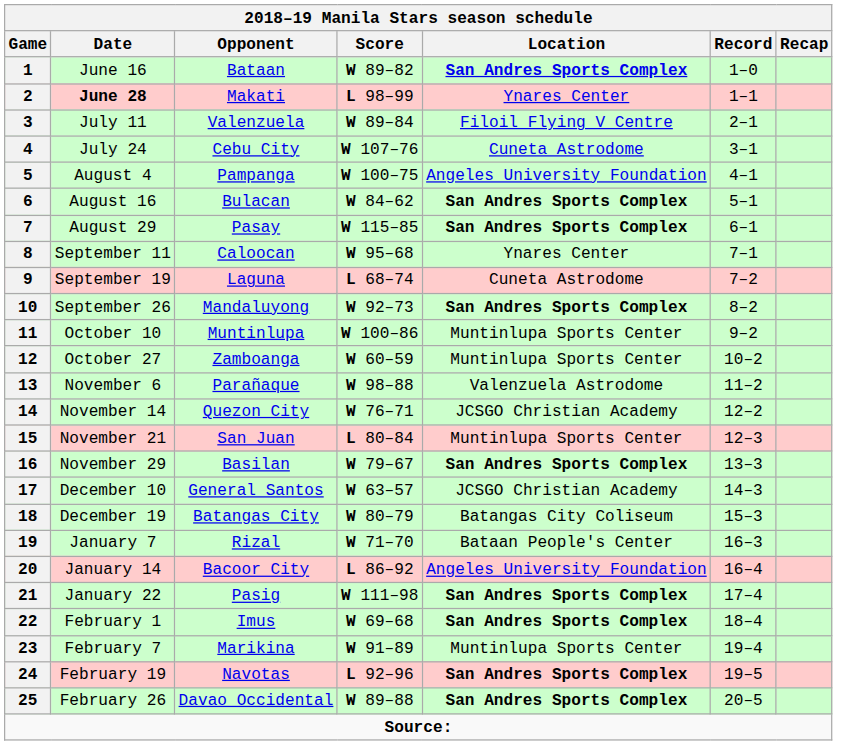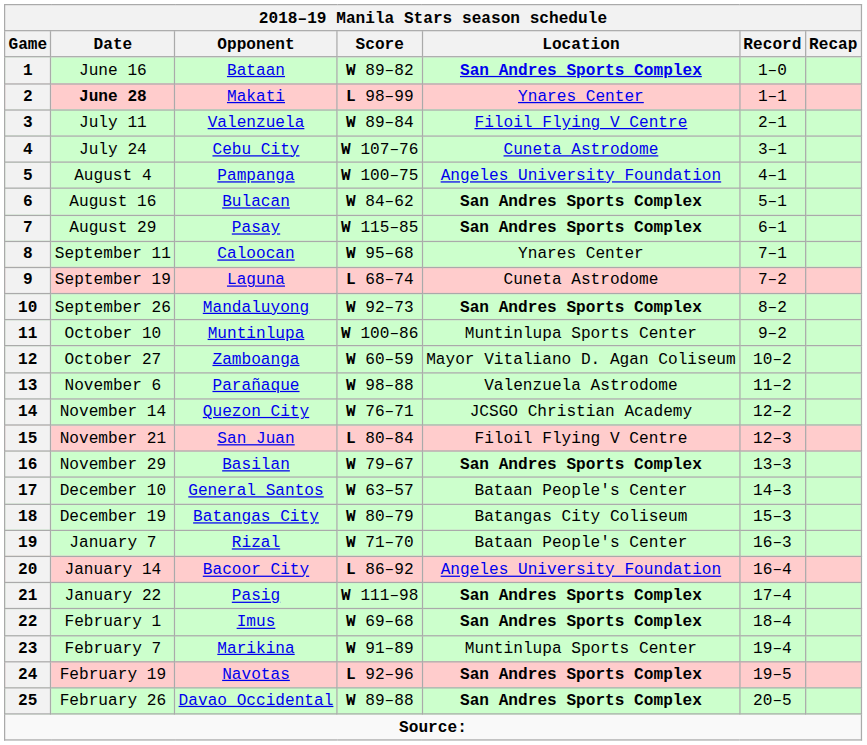 <table class="wikitable" style="text-align:center">
 <tr>
 <th colspan=7>2018–19 Manila Stars season schedule</th>
 </tr>
 <tr>
 <th>Game</th>
 <th>Date</th>
 <th>Opponent</th>
 <th>Score</th>
 <th>Location</th>
 <th>Record</th>
 <th>Recap<br></th>
 </tr>
 <tr style="background:#cfc">
 <th>1</th>
 <td>June 16</td>
 <td><a href='#'>Bataan</a></td>
 <td><strong>W</strong> 89–82</td>
 <td><strong><a href='#'>San Andres Sports Complex</a></strong></td>
 <td>1–0</td>
 <td></td>
 </tr>
 <tr style="background:#fcc">
 <th>2</th>
 <td><strong>June 28</strong></td>
 <td><a href='#'>Makati</a></td>
 <td><strong>L</strong> 98–99</td>
 <td><a href='#'>Ynares Center</a></td>
 <td>1–1</td>
 <td></td>
 </tr>
 <tr style="background:#cfc">
 <th>3</th>
 <td>July 11</td>
 <td><a href='#'>Valenzuela</a></td>
 <td><strong>W</strong> 89–84</td>
 <td><a href='#'>Filoil Flying V Centre</a></td>
 <td>2–1</td>
 <td></td>
 </tr>
 <tr style="background:#cfc">
 <th>4</th>
 <td>July 24</td>
 <td><a href='#'>Cebu City</a></td>
 <td><strong>W</strong> 107–76</td>
 <td><a href='#'>Cuneta Astrodome</a></td>
 <td>3–1</td>
 <td></td>
 </tr>
 <tr style="background:#cfc">
 <th>5</th>
 <td>August 4</td>
 <td><a href='#'>Pampanga</a></td>
 <td><strong>W</strong> 100–75</td>
 <td><a href='#'>Angeles University Foundation</a></td>
 <td>4–1</td>
 <td></td>
 </tr>
 <tr style="background:#cfc">
 <th>6</th>
 <td>August 16</td>
 <td><a href='#'>Bulacan</a></td>
 <td><strong>W</strong> 84–62</td>
 <td><strong>San Andres Sports Complex</strong></td>
 <td>5–1</td>
 <td></td>
 </tr>
 <tr style="background:#cfc">
 <th>7</th>
 <td>August 29</td>
 <td><a href='#'>Pasay</a></td>
 <td><strong>W</strong> 115–85</td>
 <td><strong>San Andres Sports Complex</strong></td>
 <td>6–1</td>
 <td></td>
 </tr>
 <tr style="background:#cfc">
 <th>8</th>
 <td>September 11</td>
 <td><a href='#'>Caloocan</a></td>
 <td><strong>W</strong> 95–68</td>
 <td>Ynares Center</td>
 <td>7–1</td>
 <td></td>
 </tr>
 <tr style="background:#fcc">
 <th>9</th>
 <td>September 19</td>
 <td><a href='#'>Laguna</a></td>
 <td><strong>L</strong> 68–74</td>
 <td>Cuneta Astrodome</td>
 <td>7–2</td>
 <td></td>
 </tr>
 <tr style="background:#cfc">
 <th>10</th>
 <td>September 26</td>
 <td><a href='#'>Mandaluyong</a></td>
 <td><strong>W</strong> 92–73</td>
 <td><strong>San Andres Sports Complex</strong></td>
 <td>8–2</td>
 <td><br></td>
 </tr>
 <tr style="background:#cfc">
 <th>11</th>
 <td>October 10</td>
 <td><a href='#'>Muntinlupa</a></td>
 <td><strong>W</strong> 100–86</td>
 <td>Muntinlupa Sports Center</td>
 <td>9–2</td>
 <td></td>
 </tr>
 <tr style="background:#cfc">
 <th>12</th>
 <td>October 27</td>
 <td><a href='#'>Zamboanga</a></td>
 <td><strong>W</strong> 60–59</td>
-<td>Muntinlupa Sports Center</td>
+<td>Mayor Vitaliano D. Agan Coliseum</td>
 <td>10–2</td>
 <td></td>
 </tr>
 <tr style="background:#cfc">
 <th>13</th>
 <td>November 6</td>
 <td><a href='#'>Parañaque</a></td>
 <td><strong>W</strong> 98–88</td>
 <td>Valenzuela Astrodome</td>
 <td>11–2</td>
 <td></td>
 </tr>
 <tr style="background:#cfc">
 <th>14</th>
 <td>November 14</td>
 <td><a href='#'>Quezon City</a></td>
 <td><strong>W</strong> 76–71</td>
 <td>JCSGO Christian Academy</td>
 <td>12–2</td>
 <td></td>
 </tr>
 <tr style="background:#fcc">
 <th>15</th>
 <td>November 21</td>
 <td><a href='#'>San Juan</a></td>
 <td><strong>L</strong> 80–84 </td>
-<td>Muntinlupa Sports Center</td>
+<td>Filoil Flying V Centre</td>
 <td>12–3</td>
 <td></td>
 </tr>
 <tr style="background:#cfc">
 <th>16</th>
 <td>November 29</td>
 <td><a href='#'>Basilan</a></td>
 <td><strong>W</strong> 79–67</td>
 <td><strong>San Andres Sports Complex</strong></td>
 <td>13–3</td>
 <td></td>
 </tr>
 <tr style="background:#cfc">
 <th>17</th>
 <td>December 10</td>
 <td><a href='#'>General Santos</a></td>
 <td><strong>W</strong> 63–57</td>
-<td>JCSGO Christian Academy</td>
+<td>Bataan People's Center</td>
 <td>14–3</td>
 <td></td>
 </tr>
 <tr style="background:#cfc">
 <th>18</th>
 <td>December 19</td>
 <td><a href='#'>Batangas City</a></td>
 <td><strong>W</strong> 80–79</td>
 <td>Batangas City Coliseum</td>
 <td>15–3</td>
 <td><br></td>
 </tr>
 <tr style="background:#cfc">
 <th>19</th>
 <td>January 7</td>
 <td><a href='#'>Rizal</a></td>
 <td><strong>W</strong> 71–70</td>
 <td>Bataan People's Center</td>
 <td>16–3</td>
 <td></td>
 </tr>
 <tr style="background:#fcc">
 <th>20</th>
 <td>January 14</td>
 <td><a href='#'>Bacoor City</a></td>
 <td><strong>L</strong> 86–92</td>
 <td><a href='#'>Angeles University Foundation</a></td>
 <td>16–4</td>
 <td></td>
 </tr>
 <tr style="background:#cfc">
 <th>21</th>
 <td>January 22</td>
 <td><a href='#'>Pasig</a></td>
 <td><strong>W</strong> 111–98</td>
 <td><strong>San Andres Sports Complex</strong></td>
 <td>17–4</td>
 <td></td>
 </tr>
 <tr style="background:#cfc">
 <th>22</th>
 <td>February 1</td>
 <td><a href='#'>Imus</a></td>
 <td><strong>W</strong> 69–68</td>
 <td><strong>San Andres Sports Complex</strong></td>
 <td>18–4</td>
 <td></td>
 </tr>
 <tr style="background:#cfc">
 <th>23</th>
 <td>February 7</td>
 <td><a href='#'>Marikina</a></td>
 <td><strong>W</strong> 91–89</td>
 <td>Muntinlupa Sports Center</td>
 <td>19–4</td>
 <td></td>
 </tr>
 <tr style="background:#fcc">
 <th>24</th>
 <td>February 19</td>
 <td><a href='#'>Navotas</a></td>
 <td><strong>L</strong> 92–96</td>
 <td><strong>San Andres Sports Complex</strong></td>
 <td>19–5</td>
 <td></td>
 </tr>
 <tr style="background:#cfc">
 <th>25</th>
 <td>February 26</td>
 <td><a href='#'>Davao Occidental</a></td>
 <td><strong>W</strong> 89–88</td>
 <td><strong>San Andres Sports Complex</strong></td>
 <td>20–5</td>
 <td></td>
 </tr>
 <tr>
 <td colspan=7 align=center><strong>Source: </strong></td>
 </tr>
 </table>
